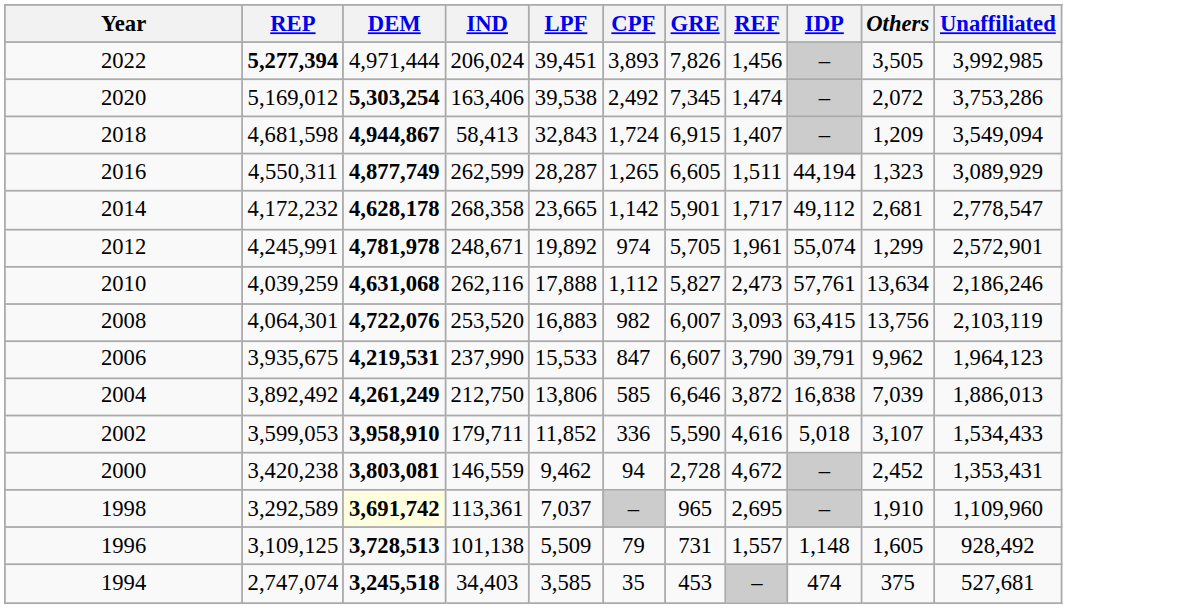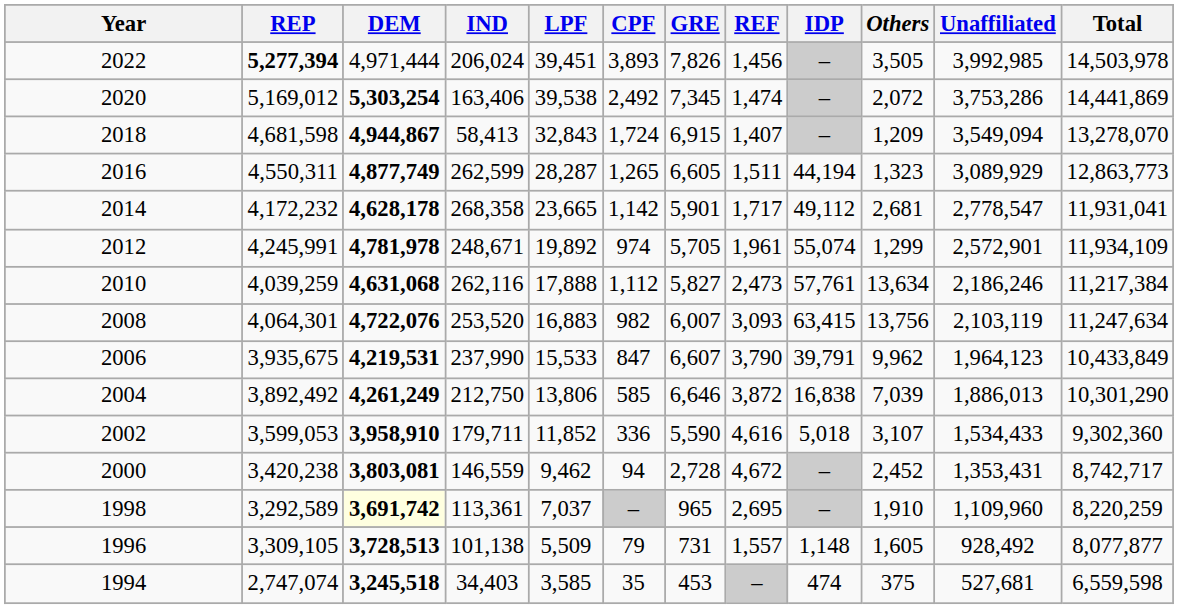 <table class="wikitable sortable" style="text-align: center; font-size: 80%;">
 <tr>
 <th style=min-width:10em>Year</th>
 <th><a href='#'>REP</a></th>
 <th><a href='#'>DEM</a></th>
 <th><a href='#'>IND</a></th>
 <th><a href='#'>LPF</a></th>
 <th><a href='#'>CPF</a></th>
 <th><a href='#'>GRE</a></th>
 <th><a href='#'>REF</a></th>
 <th><a href='#'>IDP</a></th>
 <th><em>Others</em></th>
 <th><a href='#'>Unaffiliated</a></th>
+<th>Total</th>
 </tr>
 <tr>
 <td>2022</td>
 <td><strong>5,277,394</strong></td>
 <td>4,971,444</td>
 <td>206,024</td>
 <td>39,451</td>
 <td>3,893</td>
 <td>7,826</td>
 <td>1,456</td>
 <td colspan=1 style="background:#ccc;">–</td>
 <td>3,505</td>
 <td>3,992,985</td>
+<td>14,503,978</td>
 </tr>
 <tr>
 <td>2020</td>
 <td>5,169,012</td>
 <td><strong>5,303,254</strong></td>
 <td>163,406</td>
 <td>39,538</td>
 <td>2,492</td>
 <td>7,345</td>
 <td>1,474</td>
 <td colspan=1 style="background:#ccc;">–</td>
 <td>2,072</td>
 <td>3,753,286</td>
+<td>14,441,869</td>
 </tr>
 <tr>
 <td>2018</td>
 <td>4,681,598</td>
 <td><strong>4,944,867</strong></td>
 <td>58,413</td>
 <td>32,843</td>
 <td>1,724</td>
 <td>6,915</td>
 <td>1,407</td>
 <td colspan=1 style="background:#ccc;">–</td>
 <td>1,209</td>
 <td>3,549,094</td>
+<td>13,278,070</td>
 </tr>
 <tr>
 <td>2016</td>
 <td>4,550,311 </td>
 <td><strong>4,877,749</strong></td>
 <td>262,599 </td>
 <td>28,287 </td>
 <td>1,265 </td>
 <td>6,605 </td>
 <td>1,511 </td>
 <td>44,194 </td>
 <td>1,323</td>
 <td>3,089,929</td>
+<td>12,863,773</td>
 </tr>
 <tr>
 <td>2014</td>
 <td>4,172,232 </td>
 <td><strong>4,628,178 </strong></td>
 <td>268,358 </td>
 <td>23,665 </td>
 <td>1,142 </td>
 <td>5,901 </td>
 <td>1,717 </td>
 <td>49,112 </td>
 <td>2,681</td>
 <td>2,778,547</td>
+<td>11,931,041</td>
 </tr>
 <tr>
 <td>2012</td>
 <td>4,245,991 </td>
 <td><strong>4,781,978</strong></td>
 <td>248,671 </td>
 <td>19,892 </td>
 <td>974 </td>
 <td>5,705 </td>
 <td>1,961 </td>
 <td>55,074 </td>
 <td>1,299</td>
 <td>2,572,901</td>
+<td>11,934,109</td>
 </tr>
 <tr>
 <td>2010</td>
 <td>4,039,259 </td>
 <td><strong>4,631,068</strong></td>
 <td>262,116 </td>
 <td>17,888 </td>
 <td>1,112 </td>
 <td>5,827 </td>
 <td>2,473 </td>
 <td>57,761 </td>
 <td>13,634</td>
 <td>2,186,246</td>
+<td>11,217,384</td>
 </tr>
 <tr>
 <td>2008</td>
 <td>4,064,301 </td>
 <td><strong>4,722,076</strong></td>
 <td>253,520 </td>
 <td>16,883 </td>
 <td>982 </td>
 <td>6,007 </td>
 <td>3,093 </td>
 <td>63,415 </td>
 <td>13,756</td>
 <td>2,103,119</td>
+<td>11,247,634</td>
 </tr>
 <tr>
 <td>2006</td>
 <td>3,935,675 </td>
 <td><strong>4,219,531</strong></td>
 <td>237,990 </td>
 <td>15,533 </td>
 <td>847  </td>
 <td>6,607 </td>
 <td>3,790  </td>
 <td>39,791 </td>
 <td>9,962</td>
 <td>1,964,123</td>
+<td>10,433,849</td>
 </tr>
 <tr>
 <td>2004</td>
 <td>3,892,492 </td>
 <td><strong>4,261,249</strong></td>
 <td>212,750 </td>
 <td>13,806 </td>
 <td>585 </td>
 <td>6,646 </td>
 <td>3,872 </td>
 <td>16,838 </td>
 <td>7,039</td>
 <td>1,886,013</td>
+<td>10,301,290</td>
 </tr>
 <tr>
 <td>2002</td>
 <td>3,599,053 </td>
 <td><strong>3,958,910</strong></td>
 <td>179,711 </td>
 <td>11,852 </td>
 <td>336 </td>
 <td>5,590 </td>
 <td>4,616 </td>
 <td>5,018 </td>
 <td>3,107</td>
 <td>1,534,433</td>
+<td>9,302,360</td>
 </tr>
 <tr>
 <td>2000</td>
 <td>3,420,238 </td>
 <td><strong>3,803,081</strong></td>
 <td>146,559 </td>
 <td>9,462 </td>
 <td>94 </td>
 <td>2,728 </td>
 <td>4,672 </td>
 <td colspan=1 style="background:#ccc;">–</td>
 <td>2,452</td>
 <td>1,353,431</td>
+<td>8,742,717</td>
 </tr>
 <tr>
 <td>1998</td>
 <td>3,292,589 </td>
 <td style="background: lightyellow;"><strong>3,691,742</strong></td>
 <td>113,361 </td>
 <td>7,037 </td>
 <td colspan=1 style="background:#ccc;">–</td>
 <td>965  </td>
 <td>2,695 </td>
 <td colspan=1 style="background:#ccc;">–</td>
 <td>1,910</td>
 <td>1,109,960</td>
+<td>8,220,259</td>
 </tr>
 <tr>
 <td>1996</td>
-<td>3,109,125  </td>
+<td>3,309,105  </td>
 <td><strong>3,728,513 </strong></td>
 <td>101,138 </td>
 <td>5,509 </td>
 <td>79 </td>
 <td>731 </td>
 <td>1,557 </td>
 <td>1,148 </td>
 <td>1,605</td>
 <td>928,492</td>
+<td>8,077,877</td>
 </tr>
 <tr>
 <td>1994</td>
 <td>2,747,074 </td>
 <td><strong>3,245,518</strong></td>
 <td>34,403 </td>
 <td>3,585 </td>
 <td>35  </td>
 <td>453 </td>
 <td colspan=1 style="background:#ccc;">–</td>
 <td>474 </td>
 <td>375</td>
 <td>527,681</td>
+<td>6,559,598</td>
 </tr>
 </table>
